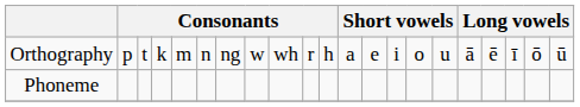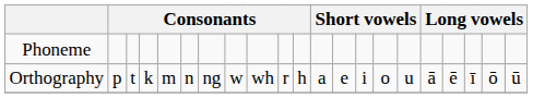 <table class="wikitable" style="text-align:center;">
 <tr>
 <th></th>
 <th colspan="10">Consonants</th>
 <th colspan="5">Short vowels</th>
 <th colspan="5">Long vowels</th>
+</tr>
+<tr>
+<td>Phoneme</td>
+<td></td>
+<td></td>
+<td></td>
+<td></td>
+<td></td>
+<td></td>
+<td></td>
+<td></td>
+<td></td>
+<td></td>
+<td></td>
+<td></td>
+<td></td>
+<td></td>
+<td></td>
+<td></td>
+<td></td>
+<td></td>
+<td></td>
+<td></td>
 </tr>
 <tr>
 <td>Orthography</td>
 <td>p</td>
 <td>t</td>
 <td>k</td>
 <td>m</td>
 <td>n</td>
 <td>ng</td>
 <td>w</td>
 <td>wh</td>
 <td>r</td>
 <td>h</td>
 <td>a</td>
 <td>e</td>
 <td>i</td>
 <td>o</td>
 <td>u</td>
 <td>ā</td>
 <td>ē</td>
 <td>ī</td>
 <td>ō</td>
 <td>ū</td>
 </tr>
 <tr>
-<td>Phoneme</td>
-<td></td>
-<td></td>
-<td></td>
-<td></td>
-<td></td>
-<td></td>
-<td></td>
-<td></td>
-<td></td>
-<td></td>
-<td></td>
-<td></td>
-<td></td>
-<td></td>
-<td></td>
-<td></td>
-<td></td>
-<td></td>
-<td></td>
-<td></td>
-</tr>
-<tr>
 </tr>
 </table>
